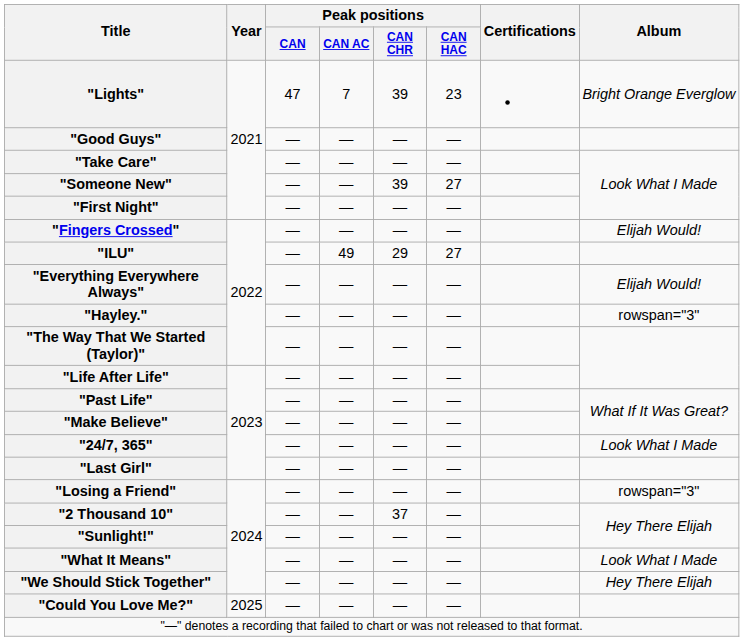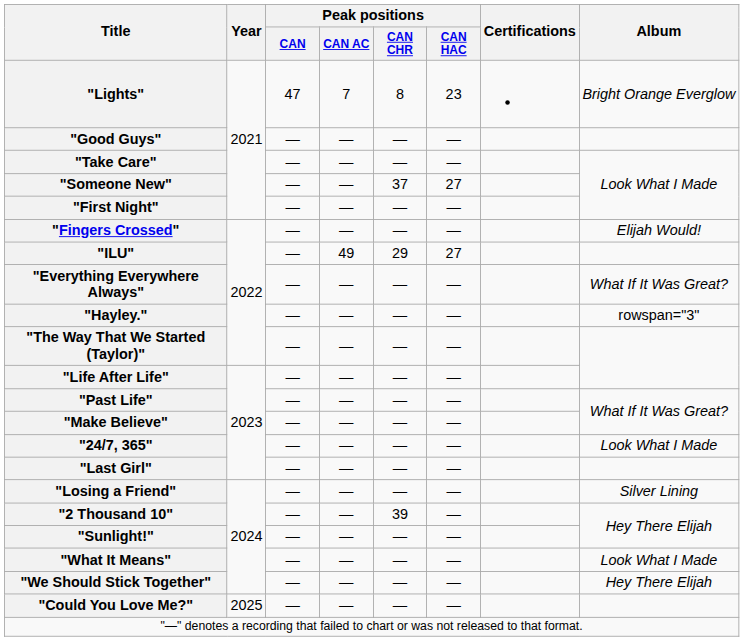 <table class="wikitable plainrowheaders" style="text-align:center;">
 <tr>
 <th rowspan="2" style="width:15em;">Title</th>
 <th rowspan="2">Year</th>
 <th colspan="4">Peak positions</th>
 <th rowspan="2">Certifications</th>
 <th rowspan="2">Album</th>
 </tr>
 <tr style="font-size:smaller;">
 <th style="width:4em;"><a href='#'>CAN</a><br></th>
 <th style="width:4em;"><a href='#'>CAN AC</a></th>
 <th style="width:4em;"><a href='#'>CAN CHR</a></th>
 <th style="width:4em;"><a href='#'>CAN HAC</a></th>
 </tr>
 <tr>
 <th scope="row">"Lights"</th>
 <td rowspan="5">2021</td>
 <td>47</td>
 <td>7</td>
-<td>39</td>
+<td>8</td>
 <td>23</td>
 <td><br><ul><li></li></ul></td>
 <td><em>Bright Orange Everglow</em></td>
 </tr>
 <tr>
 <th scope="row">"Good Guys"</th>
 <td>—</td>
 <td>—</td>
 <td>—</td>
 <td>—</td>
 <td></td>
 <td></td>
 </tr>
 <tr>
 <th scope="row">"Take Care"</th>
 <td>—</td>
 <td>—</td>
 <td>—</td>
 <td>—</td>
 <td></td>
 <td rowspan="3"><em>Look What I Made</em></td>
 </tr>
 <tr>
 <th scope="row">"Someone New"</th>
 <td>—</td>
 <td>—</td>
-<td>39</td>
+<td>37</td>
 <td>27</td>
 <td></td>
 </tr>
 <tr>
 <th scope="row">"First Night"<br></th>
 <td>—</td>
 <td>—</td>
 <td>—</td>
 <td>—</td>
 <td></td>
 </tr>
 <tr>
 <th scope="row">"<a href='#'>Fingers Crossed</a>"</th>
 <td rowspan="5">2022</td>
 <td>—</td>
 <td>—</td>
 <td>—</td>
 <td>—</td>
 <td></td>
 <td><em>Elijah Would!</em></td>
 </tr>
 <tr>
 <th scope="row">"ILU"</th>
 <td>—</td>
 <td>49</td>
 <td>29</td>
 <td>27</td>
 <td></td>
 </tr>
 <tr>
 <th scope="row">"Everything Everywhere Always"</th>
 <td>—</td>
 <td>—</td>
 <td>—</td>
 <td>—</td>
 <td></td>
-<td><em>Elijah Would!</em></td>
+<td><em>What If It Was Great?</em></td>
 </tr>
 <tr>
 <th scope="row">"Hayley."<br></th>
 <td>—</td>
 <td>—</td>
 <td>—</td>
 <td>—</td>
 <td></td>
 <td>rowspan="3" </td>
 </tr>
 <tr>
 <th scope="row">"The Way That We Started (Taylor)"</th>
 <td>—</td>
 <td>—</td>
 <td>—</td>
 <td>—</td>
 <td></td>
 </tr>
 <tr>
 <th scope="row">"Life After Life"</th>
 <td rowspan="5">2023</td>
 <td>—</td>
 <td>—</td>
 <td>—</td>
 <td>—</td>
 <td></td>
 </tr>
 <tr>
 <th scope="row">"Past Life"</th>
 <td>—</td>
 <td>—</td>
 <td>—</td>
 <td>—</td>
 <td></td>
 <td rowspan="2"><em>What If It Was Great?</em></td>
 </tr>
 <tr>
 <th scope="row">"Make Believe"</th>
 <td>—</td>
 <td>—</td>
 <td>—</td>
 <td>—</td>
 <td></td>
 </tr>
 <tr>
 <th scope="row">"24/7, 365"</th>
 <td>—</td>
 <td>—</td>
 <td>—</td>
 <td>—</td>
 <td></td>
 <td><em>Look What I Made</em></td>
 </tr>
 <tr>
 <th scope="row">"Last Girl"<br></th>
 <td>—</td>
 <td>—</td>
 <td>—</td>
 <td>—</td>
 <td></td>
 <td></td>
 </tr>
 <tr>
 <th scope="row">"Losing a Friend"</th>
 <td rowspan="5">2024</td>
 <td>—</td>
 <td>—</td>
 <td>—</td>
 <td>—</td>
 <td></td>
-<td>rowspan="3" </td>
+<td><em>Silver Lining</em></td>
 </tr>
 <tr>
 <th scope="row">"2 Thousand 10"</th>
 <td>—</td>
 <td>—</td>
-<td>37</td>
+<td>39</td>
 <td>—</td>
 <td></td>
 <td rowspan="2"><em>Hey There Elijah</em></td>
 </tr>
 <tr>
 <th scope="row">"Sunlight!"</th>
 <td>—</td>
 <td>—</td>
 <td>—</td>
 <td>—</td>
 <td></td>
 </tr>
 <tr>
 <th scope="row">"What It Means"</th>
 <td>—</td>
 <td>—</td>
 <td>—</td>
 <td>—</td>
 <td></td>
 <td><em>Look What I Made</em></td>
 </tr>
 <tr>
 <th scope="row">"We Should Stick Together"</th>
 <td>—</td>
 <td>—</td>
 <td>—</td>
 <td>—</td>
 <td></td>
 <td><em>Hey There Elijah</em></td>
 </tr>
 <tr>
 <th scope="row">"Could You Love Me?"</th>
 <td>2025</td>
 <td>—</td>
 <td>—</td>
 <td>—</td>
 <td>—</td>
 <td></td>
 <td></td>
 </tr>
 <tr>
 <td colspan="8" style="font-size:85%;">"—" denotes a recording that failed to chart or was not released to that format.</td>
 </tr>
 </table>
